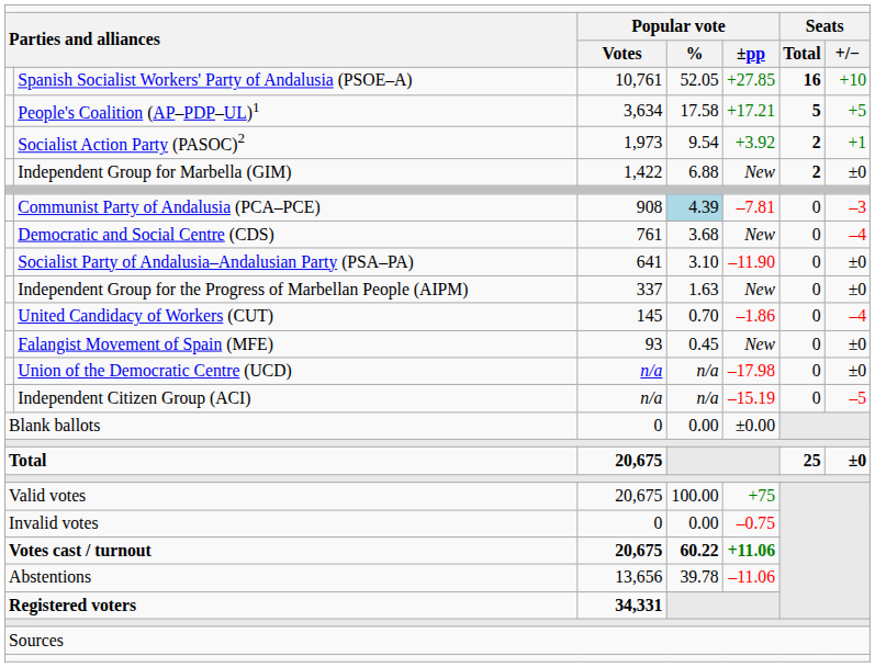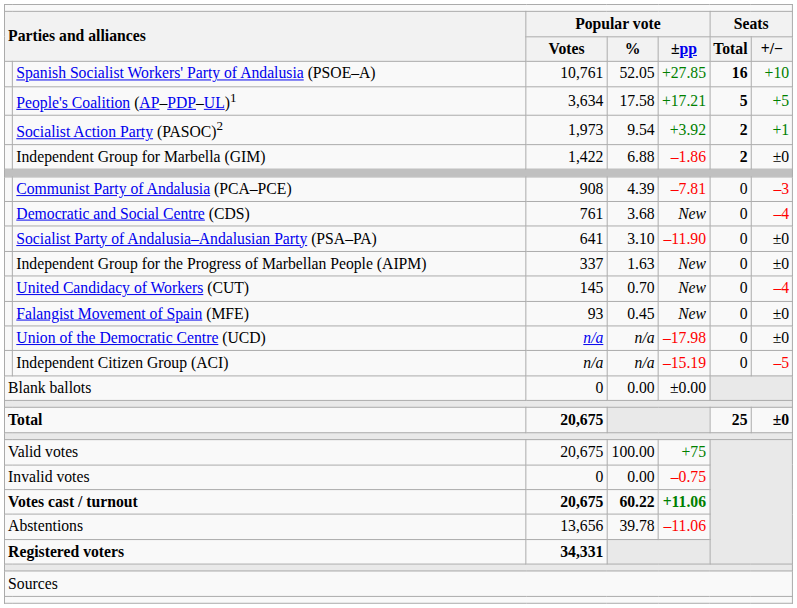 <table class="wikitable" style="text-align:right;">
 <tr>
 <td colspan="7"></td>
 </tr>
 <tr>
 <th style="text-align:left;" rowspan="2" colspan="2" width="525">Parties and alliances</th>
 <th colspan="3">Popular vote</th>
 <th colspan="2">Seats</th>
 </tr>
 <tr>
 <th width="75">Votes</th>
 <th width="45">%</th>
 <th width="45">±<a href='#'>pp</a></th>
 <th width="35">Total</th>
 <th width="35">+/−</th>
 </tr>
 <tr>
 <td width="1" style="color:inherit;background:"></td>
 <td align="left"><a href='#'>Spanish Socialist Workers' Party of Andalusia</a> (PSOE–A)</td>
 <td>10,761</td>
 <td>52.05</td>
 <td style="color:green;">+27.85</td>
 <td><strong>16</strong></td>
 <td style="color:green;">+10</td>
 </tr>
 <tr>
 <td style="color:inherit;background:"></td>
 <td align="left"><a href='#'>People's Coalition</a> (<a href='#'>AP</a>–<a href='#'>PDP</a>–<a href='#'>UL</a>)<sup>1</sup></td>
 <td>3,634</td>
 <td>17.58</td>
 <td style="color:green;">+17.21</td>
 <td><strong>5</strong></td>
 <td style="color:green;">+5</td>
 </tr>
 <tr>
 <td style="color:inherit;background:"></td>
 <td align="left"><a href='#'>Socialist Action Party</a> (PASOC)<sup>2</sup></td>
 <td>1,973</td>
 <td>9.54</td>
 <td style="color:green;">+3.92</td>
 <td><strong>2</strong></td>
 <td style="color:green;">+1</td>
 </tr>
 <tr>
 <td style="color:inherit;background:"></td>
 <td align="left">Independent Group for Marbella (GIM)</td>
 <td>1,422</td>
 <td>6.88</td>
-<td><em>New</em></td>
+<td style="color:red;">–1.86</td>
 <td><strong>2</strong></td>
 <td>±0</td>
 </tr>
 <tr>
 <td colspan="7" bgcolor="#C0C0C0"></td>
 </tr>
 <tr>
 <td style="color:inherit;background:"></td>
 <td align="left"><a href='#'>Communist Party of Andalusia</a> (PCA–PCE)</td>
 <td>908</td>
-<td style="background: lightblue;">4.39</td>
+<td>4.39</td>
 <td style="color:red;">–7.81</td>
 <td>0</td>
 <td style="color:red;">–3</td>
 </tr>
 <tr>
 <td style="color:inherit;background:"></td>
 <td align="left"><a href='#'>Democratic and Social Centre</a> (CDS)</td>
 <td>761</td>
 <td>3.68</td>
 <td><em>New</em></td>
 <td>0</td>
 <td style="color:red;">–4</td>
 </tr>
 <tr>
 <td style="color:inherit;background:"></td>
 <td align="left"><a href='#'>Socialist Party of Andalusia–Andalusian Party</a> (PSA–PA)</td>
 <td>641</td>
 <td>3.10</td>
 <td style="color:red;">–11.90</td>
 <td>0</td>
 <td>±0</td>
 </tr>
 <tr>
 <td style="color:inherit;background:"></td>
 <td align="left">Independent Group for the Progress of Marbellan People (AIPM)</td>
 <td>337</td>
 <td>1.63</td>
 <td><em>New</em></td>
 <td>0</td>
 <td>±0</td>
 </tr>
 <tr>
 <td style="color:inherit;background:"></td>
 <td align="left"><a href='#'>United Candidacy of Workers</a> (CUT)</td>
 <td>145</td>
 <td>0.70</td>
-<td style="color:red;">–1.86</td>
+<td><em>New</em></td>
 <td>0</td>
 <td style="color:red;">–4</td>
 </tr>
 <tr>
 <td style="color:inherit;background:"></td>
 <td align="left"><a href='#'>Falangist Movement of Spain</a> (MFE)</td>
 <td>93</td>
 <td>0.45</td>
 <td><em>New</em></td>
 <td>0</td>
 <td>±0</td>
 </tr>
 <tr>
 <td style="color:inherit;background:"></td>
 <td align="left"><a href='#'>Union of the Democratic Centre</a> (UCD)</td>
 <td><em><a href='#'>n/a</a></em></td>
 <td><em>n/a</em></td>
 <td style="color:red;">–17.98</td>
 <td>0</td>
 <td>±0</td>
 </tr>
 <tr>
 <td style="color:inherit;background:"></td>
 <td align="left">Independent Citizen Group (ACI)</td>
 <td><em>n/a</em></td>
 <td><em>n/a</em></td>
 <td style="color:red;">–15.19</td>
 <td>0</td>
 <td style="color:red;">–5</td>
 </tr>
 <tr>
 <td align="left" colspan="2">Blank ballots</td>
 <td>0</td>
 <td>0.00</td>
 <td>±0.00</td>
 <td bgcolor="#E9E9E9" colspan="2"></td>
 </tr>
 <tr>
 <td colspan="7" bgcolor="#E9E9E9"></td>
 </tr>
 <tr style="font-weight:bold;">
 <td align="left" colspan="2">Total</td>
 <td>20,675</td>
 <td bgcolor="#E9E9E9" colspan="2"></td>
 <td>25</td>
 <td>±0</td>
 </tr>
 <tr>
 <td colspan="7" bgcolor="#E9E9E9"></td>
 </tr>
 <tr>
 <td align="left" colspan="2">Valid votes</td>
 <td>20,675</td>
 <td>100.00</td>
 <td style="color:green;">+75</td>
 <td bgcolor="#E9E9E9" colspan="2" rowspan="5"></td>
 </tr>
 <tr>
 <td align="left" colspan="2">Invalid votes</td>
 <td>0</td>
 <td>0.00</td>
 <td style="color:red;">–0.75</td>
 </tr>
 <tr style="font-weight:bold;">
 <td align="left" colspan="2">Votes cast / turnout</td>
 <td>20,675</td>
 <td>60.22</td>
 <td style="color:green;">+11.06</td>
 </tr>
 <tr>
 <td align="left" colspan="2">Abstentions</td>
 <td>13,656</td>
 <td>39.78</td>
 <td style="color:red;">–11.06</td>
 </tr>
 <tr style="font-weight:bold;">
 <td align="left" colspan="2">Registered voters</td>
 <td>34,331</td>
 <td bgcolor="#E9E9E9" colspan="2"></td>
 </tr>
 <tr>
 <td colspan="7" bgcolor="#E9E9E9"></td>
 </tr>
 <tr>
 <td align="left" colspan="7">Sources</td>
 </tr>
 <tr>
 <td colspan="7" style="text-align:left; max-width:790px;"></td>
 </tr>
 </table>
